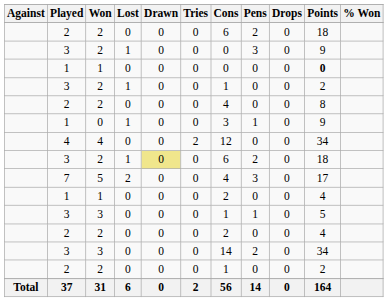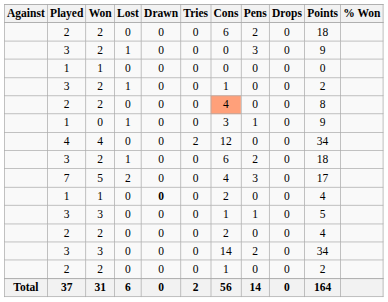 <table class="sortable wikitable" style="text-align: center;">
 <tr>
 </tr>
 <tr>
 <th>Against</th>
 <th>Played</th>
 <th>Won</th>
 <th>Lost</th>
 <th>Drawn</th>
 <th>Tries</th>
 <th>Cons</th>
 <th>Pens</th>
 <th>Drops</th>
 <th>Points</th>
 <th>% Won</th>
 </tr>
 <tr bgcolor="#d0ffd0" align="center">
 </tr>
 <tr>
 <td align="left"></td>
 <td>2</td>
 <td>2</td>
 <td>0</td>
 <td>0</td>
 <td>0</td>
 <td>6</td>
 <td>2</td>
 <td>0</td>
 <td>18</td>
 <td></td>
 </tr>
 <tr>
 <td align="left"></td>
 <td>3</td>
 <td>2</td>
 <td>1</td>
 <td>0</td>
 <td>0</td>
 <td>0</td>
 <td>3</td>
 <td>0</td>
 <td>9</td>
 <td></td>
 </tr>
 <tr>
 <td align="left"></td>
 <td>1</td>
 <td>1</td>
 <td>0</td>
 <td>0</td>
 <td>0</td>
 <td>0</td>
 <td>0</td>
 <td>0</td>
-<td><strong>0</strong></td>
+<td>0</td>
 <td></td>
 </tr>
 <tr>
 <td align="left"></td>
 <td>3</td>
 <td>2</td>
 <td>1</td>
 <td>0</td>
 <td>0</td>
 <td>1</td>
 <td>0</td>
 <td>0</td>
 <td>2</td>
 <td></td>
 </tr>
 <tr>
 <td align="left"></td>
 <td>2</td>
 <td>2</td>
 <td>0</td>
 <td>0</td>
 <td>0</td>
-<td>4</td>
+<td style="background: lightsalmon;">4</td>
 <td>0</td>
 <td>0</td>
 <td>8</td>
 <td></td>
 </tr>
 <tr>
 <td align="left"></td>
 <td>1</td>
 <td>0</td>
 <td>1</td>
 <td>0</td>
 <td>0</td>
 <td>3</td>
 <td>1</td>
 <td>0</td>
 <td>9</td>
 <td></td>
 </tr>
 <tr>
 <td align="left"></td>
 <td>4</td>
 <td>4</td>
 <td>0</td>
 <td>0</td>
 <td>2</td>
 <td>12</td>
 <td>0</td>
 <td>0</td>
 <td>34</td>
 <td></td>
 </tr>
 <tr>
 <td align="left"></td>
 <td>3</td>
 <td>2</td>
 <td>1</td>
-<td style="background: khaki;">0</td>
+<td>0</td>
 <td>0</td>
 <td>6</td>
 <td>2</td>
 <td>0</td>
 <td>18</td>
 <td></td>
 </tr>
 <tr>
 <td align="left"></td>
 <td>7</td>
 <td>5</td>
 <td>2</td>
 <td>0</td>
 <td>0</td>
 <td>4</td>
 <td>3</td>
 <td>0</td>
 <td>17</td>
 <td></td>
 </tr>
 <tr>
 <td align="left"></td>
 <td>1</td>
 <td>1</td>
 <td>0</td>
-<td>0</td>
+<td><strong>0</strong></td>
 <td>0</td>
 <td>2</td>
 <td>0</td>
 <td>0</td>
 <td>4</td>
 <td></td>
 </tr>
 <tr>
 <td align="left"></td>
 <td>3</td>
 <td>3</td>
 <td>0</td>
 <td>0</td>
 <td>0</td>
 <td>1</td>
 <td>1</td>
 <td>0</td>
 <td>5</td>
 <td></td>
 </tr>
 <tr>
 <td align="left"></td>
 <td>2</td>
 <td>2</td>
 <td>0</td>
 <td>0</td>
 <td>0</td>
 <td>2</td>
 <td>0</td>
 <td>0</td>
 <td>4</td>
 <td></td>
 </tr>
 <tr>
 <td align="left"></td>
 <td>3</td>
 <td>3</td>
 <td>0</td>
 <td>0</td>
 <td>0</td>
 <td>14</td>
 <td>2</td>
 <td>0</td>
 <td>34</td>
 <td></td>
 </tr>
 <tr>
 <td align="left"></td>
 <td>2</td>
 <td>2</td>
 <td>0</td>
 <td>0</td>
 <td>0</td>
 <td>1</td>
 <td>0</td>
 <td>0</td>
 <td>2</td>
 <td></td>
 </tr>
 <tr>
 </tr>
 <tr class="sortbottom">
 <th>Total</th>
 <th>37</th>
 <th>31</th>
 <th>6</th>
 <th>0</th>
 <th>2</th>
 <th>56</th>
 <th>14</th>
 <th>0</th>
 <th>164</th>
 <th></th>
 </tr>
 </table>
